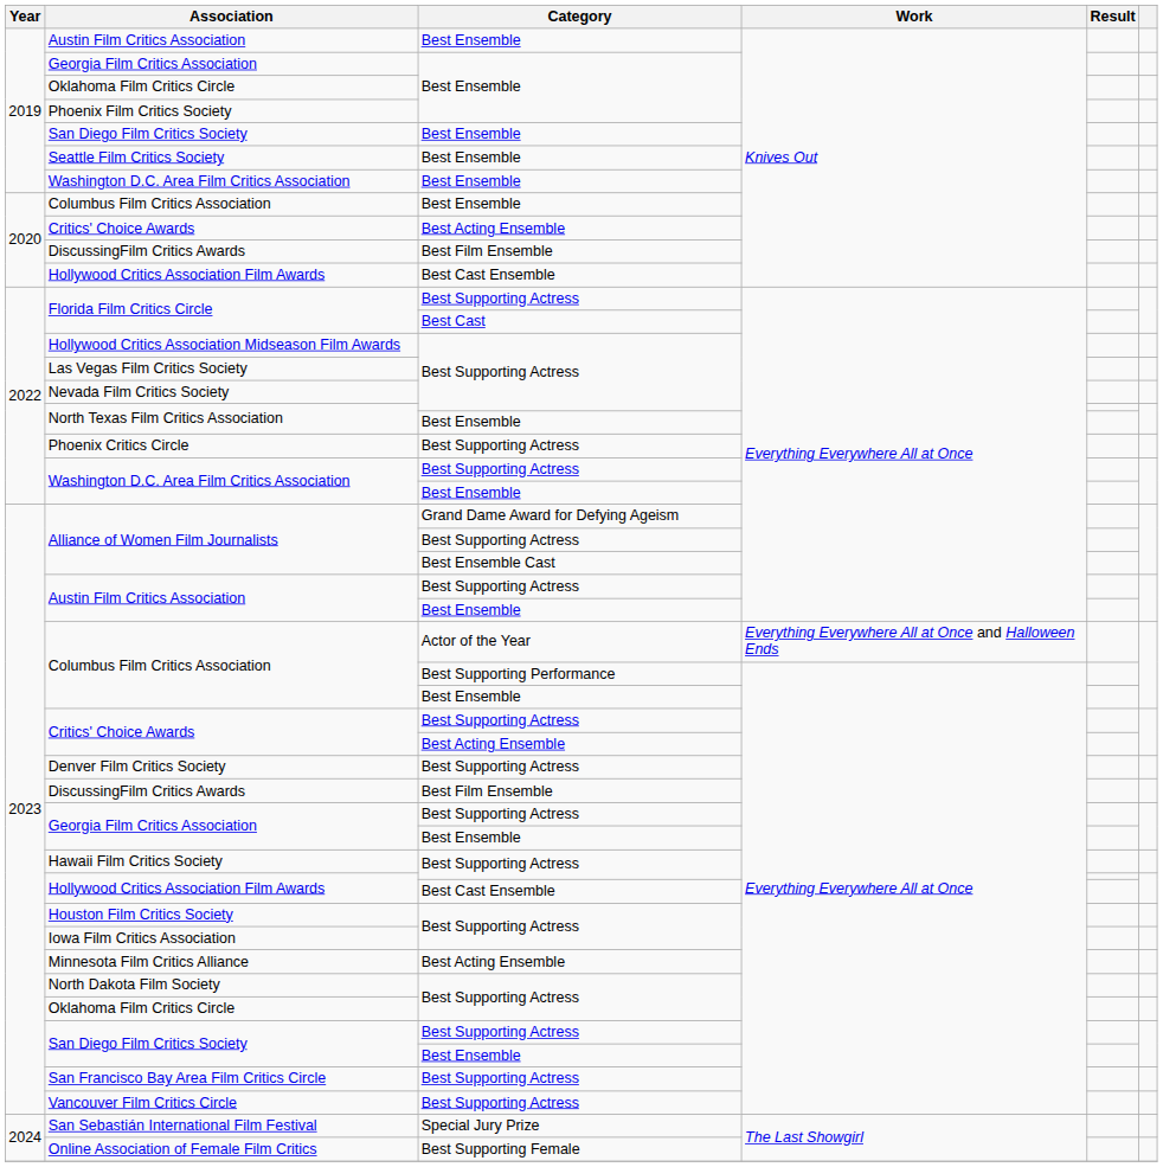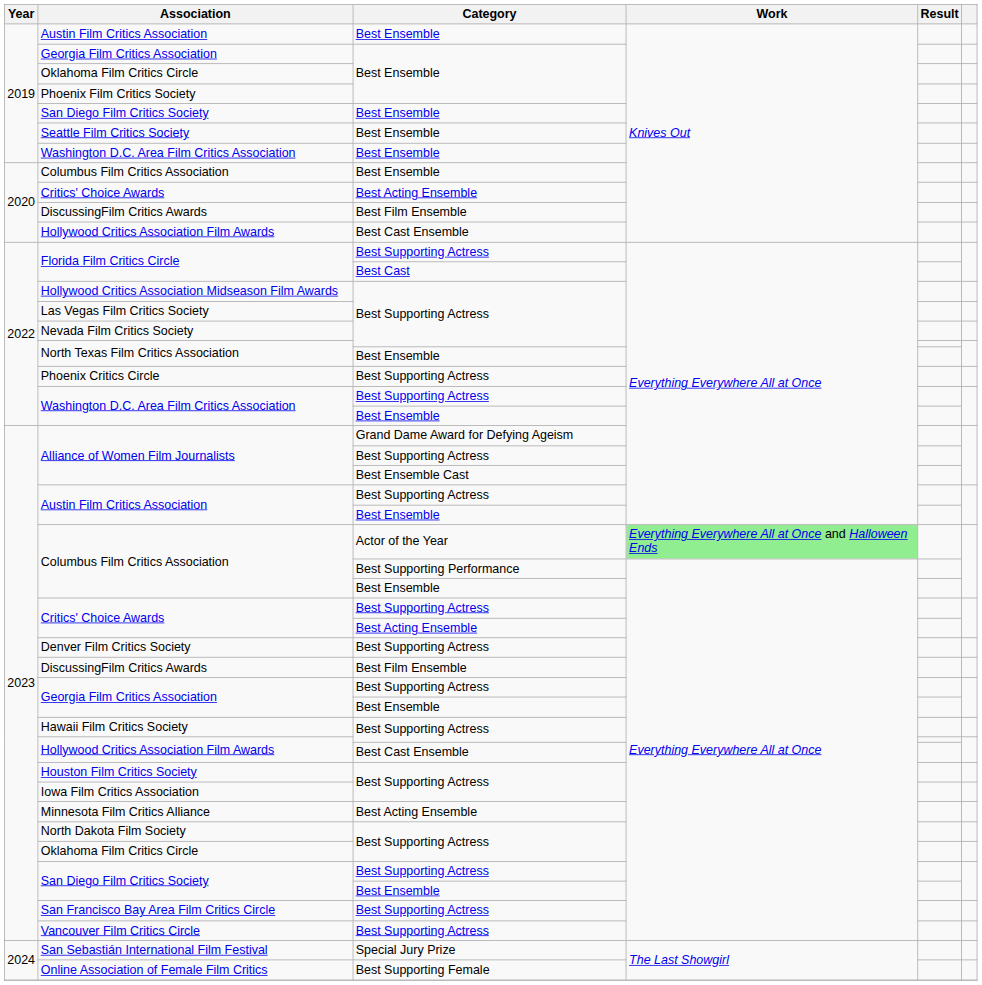 <table class="wikitable sortable">
 <tr>
 <th scope="col" style="width:1em;">Year</th>
 <th scope="col" style="width:30em;">Association</th>
 <th scope="col" style="width:26em;">Category</th>
 <th scope="col" style="width:28em;">Work</th>
 <th scope="col" style="width:1em;">Result</th>
 <th scope="col" style="width:1em;" class="unsortable"></th>
 </tr>
 <tr>
 <td rowspan="7">2019</td>
 <td><a href='#'>Austin Film Critics Association</a></td>
 <td><a href='#'>Best Ensemble</a></td>
 <td rowspan="11"><em><a href='#'>Knives Out</a></em></td>
 <td></td>
 <td style="text-align:center;"></td>
 </tr>
 <tr>
 <td><a href='#'>Georgia Film Critics Association</a></td>
 <td rowspan="3">Best Ensemble</td>
 <td></td>
 <td style="text-align:center;"></td>
 </tr>
 <tr>
 <td>Oklahoma Film Critics Circle</td>
 <td></td>
 <td style="text-align:center;"></td>
 </tr>
 <tr>
 <td>Phoenix Film Critics Society</td>
 <td></td>
 <td style="text-align:center;"></td>
 </tr>
 <tr>
 <td><a href='#'>San Diego Film Critics Society</a></td>
 <td><a href='#'>Best Ensemble</a></td>
 <td></td>
 <td style="text-align:center;"></td>
 </tr>
 <tr>
 <td><a href='#'>Seattle Film Critics Society</a></td>
 <td>Best Ensemble</td>
 <td></td>
 <td style="text-align:center;"></td>
 </tr>
 <tr>
 <td><a href='#'>Washington D.C. Area Film Critics Association</a></td>
 <td><a href='#'>Best Ensemble</a></td>
 <td></td>
 <td style="text-align:center;"></td>
 </tr>
 <tr>
 <td rowspan="4">2020</td>
 <td>Columbus Film Critics Association</td>
 <td>Best Ensemble</td>
 <td></td>
 <td style="text-align:center;"></td>
 </tr>
 <tr>
 <td><a href='#'>Critics' Choice Awards</a></td>
 <td><a href='#'>Best Acting Ensemble</a></td>
 <td></td>
 <td style="text-align:center;"></td>
 </tr>
 <tr>
 <td>DiscussingFilm Critics Awards</td>
 <td>Best Film Ensemble</td>
 <td></td>
 <td style="text-align:center;"></td>
 </tr>
 <tr>
 <td><a href='#'>Hollywood Critics Association Film Awards</a></td>
 <td>Best Cast Ensemble</td>
 <td></td>
 <td style="text-align:center;"></td>
 </tr>
 <tr>
 <td rowspan="10">2022</td>
 <td rowspan="2"><a href='#'>Florida Film Critics Circle</a></td>
 <td><a href='#'>Best Supporting Actress</a></td>
 <td rowspan="15"><em><a href='#'>Everything Everywhere All at Once</a></em></td>
 <td></td>
 <td style="text-align:center;" rowspan="2"></td>
 </tr>
 <tr>
 <td><a href='#'>Best Cast</a></td>
 <td></td>
 </tr>
 <tr>
 <td><a href='#'>Hollywood Critics Association Midseason Film Awards</a></td>
 <td rowspan="4">Best Supporting Actress</td>
 <td></td>
 <td style="text-align:center;"></td>
 </tr>
 <tr>
 <td>Las Vegas Film Critics Society</td>
 <td></td>
 <td style="text-align:center;"></td>
 </tr>
 <tr>
 <td>Nevada Film Critics Society</td>
 <td></td>
 <td style="text-align:center;"></td>
 </tr>
 <tr>
 <td rowspan="2">North Texas Film Critics Association</td>
 <td></td>
 <td style="text-align:center;" rowspan="2"></td>
 </tr>
 <tr>
 <td>Best Ensemble</td>
 <td></td>
 </tr>
 <tr>
 <td>Phoenix Critics Circle</td>
 <td>Best Supporting Actress</td>
 <td></td>
 <td style="text-align:center;"></td>
 </tr>
 <tr>
 <td rowspan="2"><a href='#'>Washington D.C. Area Film Critics Association</a></td>
 <td><a href='#'>Best Supporting Actress</a></td>
 <td></td>
 <td style="text-align:center;" rowspan="2"></td>
 </tr>
 <tr>
 <td><a href='#'>Best Ensemble</a></td>
 <td></td>
 </tr>
 <tr>
 <td rowspan="26">2023</td>
 <td rowspan="3"><a href='#'>Alliance of Women Film Journalists</a></td>
 <td>Grand Dame Award for Defying Ageism</td>
 <td></td>
 <td style="text-align:center;" rowspan="3"></td>
 </tr>
 <tr>
 <td>Best Supporting Actress</td>
 <td></td>
 </tr>
 <tr>
 <td>Best Ensemble Cast</td>
 <td></td>
 </tr>
 <tr>
 <td rowspan="2"><a href='#'>Austin Film Critics Association</a></td>
 <td>Best Supporting Actress</td>
 <td></td>
 <td style="text-align:center;" rowspan="2"></td>
 </tr>
 <tr>
 <td><a href='#'>Best Ensemble</a></td>
 <td></td>
 </tr>
 <tr>
 <td rowspan="3">Columbus Film Critics Association</td>
 <td>Actor of the Year</td>
-<td><em><a href='#'>Everything Everywhere All at Once</a></em> and <em><a href='#'>Halloween Ends</a></em></td>
+<td style="background: lightgreen;"><em><a href='#'>Everything Everywhere All at Once</a></em> and <em><a href='#'>Halloween Ends</a></em></td>
 <td></td>
 <td style="text-align:center;" rowspan="3"></td>
 </tr>
 <tr>
 <td>Best Supporting Performance</td>
 <td rowspan="20"><em><a href='#'>Everything Everywhere All at Once</a></em></td>
 <td></td>
 </tr>
 <tr>
 <td>Best Ensemble</td>
 <td></td>
 </tr>
 <tr>
 <td rowspan="2"><a href='#'>Critics' Choice Awards</a></td>
 <td><a href='#'>Best Supporting Actress</a></td>
 <td></td>
 <td style="text-align:center;" rowspan="2"></td>
 </tr>
 <tr>
 <td><a href='#'>Best Acting Ensemble</a></td>
 <td></td>
 </tr>
 <tr>
 <td>Denver Film Critics Society</td>
 <td>Best Supporting Actress</td>
 <td></td>
 <td style="text-align:center;"></td>
 </tr>
 <tr>
 <td>DiscussingFilm Critics Awards</td>
 <td>Best Film Ensemble</td>
 <td></td>
 <td style="text-align:center;"></td>
 </tr>
 <tr>
 <td rowspan="2"><a href='#'>Georgia Film Critics Association</a></td>
 <td>Best Supporting Actress</td>
 <td></td>
 <td style="text-align:center;" rowspan="2"></td>
 </tr>
 <tr>
 <td>Best Ensemble</td>
 <td></td>
 </tr>
 <tr>
 <td>Hawaii Film Critics Society</td>
 <td rowspan="2">Best Supporting Actress</td>
 <td></td>
 <td style="text-align:center;"></td>
 </tr>
 <tr>
 <td rowspan="2"><a href='#'>Hollywood Critics Association Film Awards</a></td>
 <td></td>
 <td style="text-align:center;" rowspan="2"></td>
 </tr>
 <tr>
 <td>Best Cast Ensemble</td>
 <td></td>
 </tr>
 <tr>
 <td><a href='#'>Houston Film Critics Society</a></td>
 <td rowspan="2">Best Supporting Actress</td>
 <td></td>
 <td style="text-align:center;"></td>
 </tr>
 <tr>
 <td>Iowa Film Critics Association</td>
 <td></td>
 <td style="text-align:center;"></td>
 </tr>
 <tr>
 <td>Minnesota Film Critics Alliance</td>
 <td>Best Acting Ensemble</td>
 <td></td>
 <td style="text-align:center;"></td>
 </tr>
 <tr>
 <td>North Dakota Film Society</td>
 <td rowspan="2">Best Supporting Actress</td>
 <td></td>
 <td style="text-align:center;"></td>
 </tr>
 <tr>
 <td>Oklahoma Film Critics Circle</td>
 <td></td>
 <td style="text-align:center;"></td>
 </tr>
 <tr>
 <td rowspan="2"><a href='#'>San Diego Film Critics Society</a></td>
 <td><a href='#'>Best Supporting Actress</a></td>
 <td></td>
 <td style="text-align:center;" rowspan="2"></td>
 </tr>
 <tr>
 <td><a href='#'>Best Ensemble</a></td>
 <td></td>
 </tr>
 <tr>
 <td><a href='#'>San Francisco Bay Area Film Critics Circle</a></td>
 <td><a href='#'>Best Supporting Actress</a></td>
 <td></td>
 <td style="text-align:center;"></td>
 </tr>
 <tr>
 <td><a href='#'>Vancouver Film Critics Circle</a></td>
 <td><a href='#'>Best Supporting Actress</a></td>
 <td></td>
 <td style="text-align:center;"></td>
 </tr>
 <tr>
 <td rowspan="2">2024</td>
 <td rowspan="1"><a href='#'>San Sebastián International Film Festival</a></td>
 <td>Special Jury Prize</td>
 <td rowspan="2"><em><a href='#'>The Last Showgirl</a></em></td>
 <td></td>
 <td style="text-align:center;"></td>
 </tr>
 <tr>
 <td rowspan="1"><a href='#'>Online Association of Female Film Critics</a></td>
 <td>Best Supporting Female</td>
 <td></td>
 <td style="text-align:center;"></td>
 </tr>
 <tr>
 </tr>
 </table>
